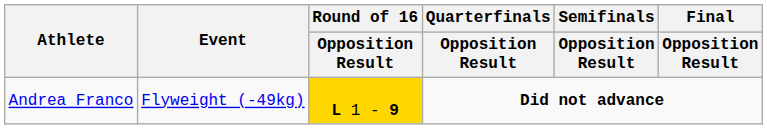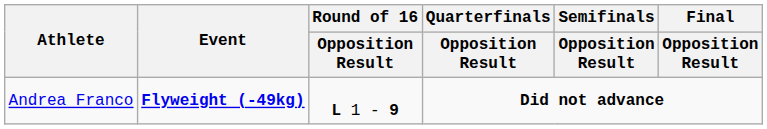 <table class="wikitable" style="font-size:90%">
 <tr>
 <th rowspan="2">Athlete</th>
 <th rowspan="2">Event</th>
 <th>Round of 16</th>
 <th>Quarterfinals</th>
 <th>Semifinals</th>
 <th>Final</th>
 </tr>
 <tr>
 <th>Opposition<br>Result</th>
 <th>Opposition<br>Result</th>
 <th>Opposition<br>Result</th>
 <th>Opposition<br>Result</th>
 </tr>
 <tr>
 <td><a href='#'>Andrea Franco</a></td>
-<td><a href='#'>Flyweight (-49kg)</a></td>
-<td align=center style="background: gold;"><br><strong>L</strong> 1 - <strong>9</strong></td>
+<td><strong><a href='#'>Flyweight (-49kg)</a></strong></td>
+<td align=center><br><strong>L</strong> 1 - <strong>9</strong></td>
 <td align="center" colspan="7"><strong>Did not advance</strong></td>
 </tr>
 </table>
